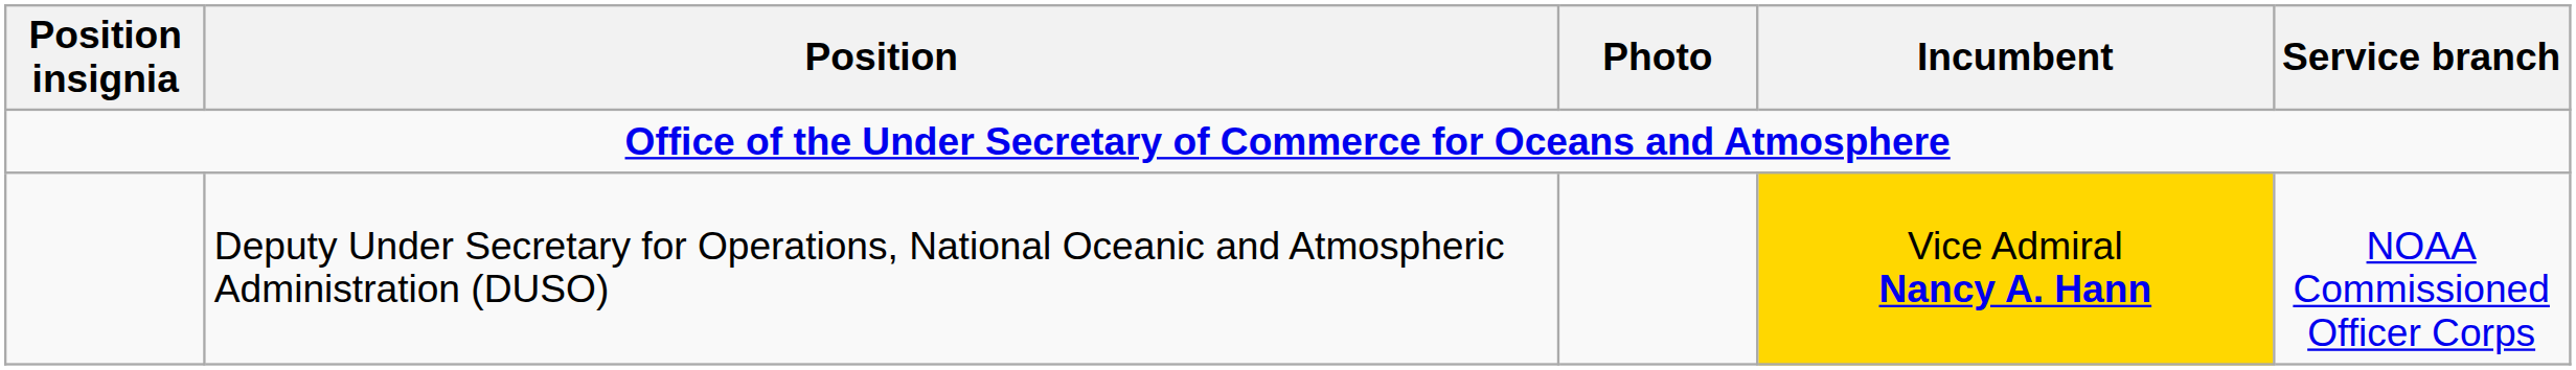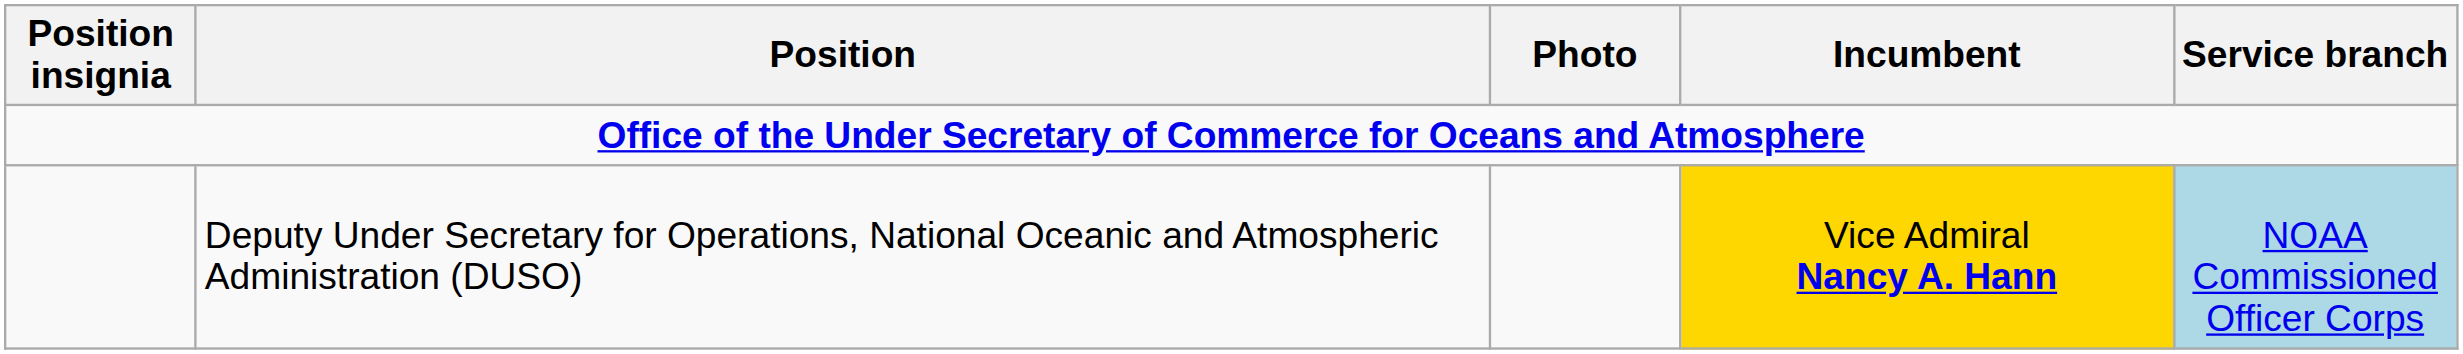 <table class="wikitable">
 <tr>
 <th width="75" style="text-align:center">Position insignia</th>
 <th width="550" style="text-align:center">Position</th>
 <th width="75" style="text-align:center">Photo</th>
 <th width="205" style="text-align:center">Incumbent</th>
 <th width="115" style="text-align:center">Service branch</th>
 </tr>
 <tr>
 <td colspan="5" style="text-align:center"><strong><a href='#'>Office of the Under Secretary of Commerce for Oceans and Atmosphere</a></strong></td>
 </tr>
 <tr>
 <td></td>
 <td>Deputy Under Secretary for Operations, National Oceanic and Atmospheric Administration (DUSO)</td>
 <td></td>
 <td style="background: gold; text-align:center">Vice Admiral<br><strong><a href='#'>Nancy A. Hann</a></strong></td>
-<td style="text-align:center"><br><a href='#'>NOAA Commissioned Officer Corps</a></td>
+<td style="background: lightblue; text-align:center"><br><a href='#'>NOAA Commissioned Officer Corps</a></td>
 </tr>
 </table>
